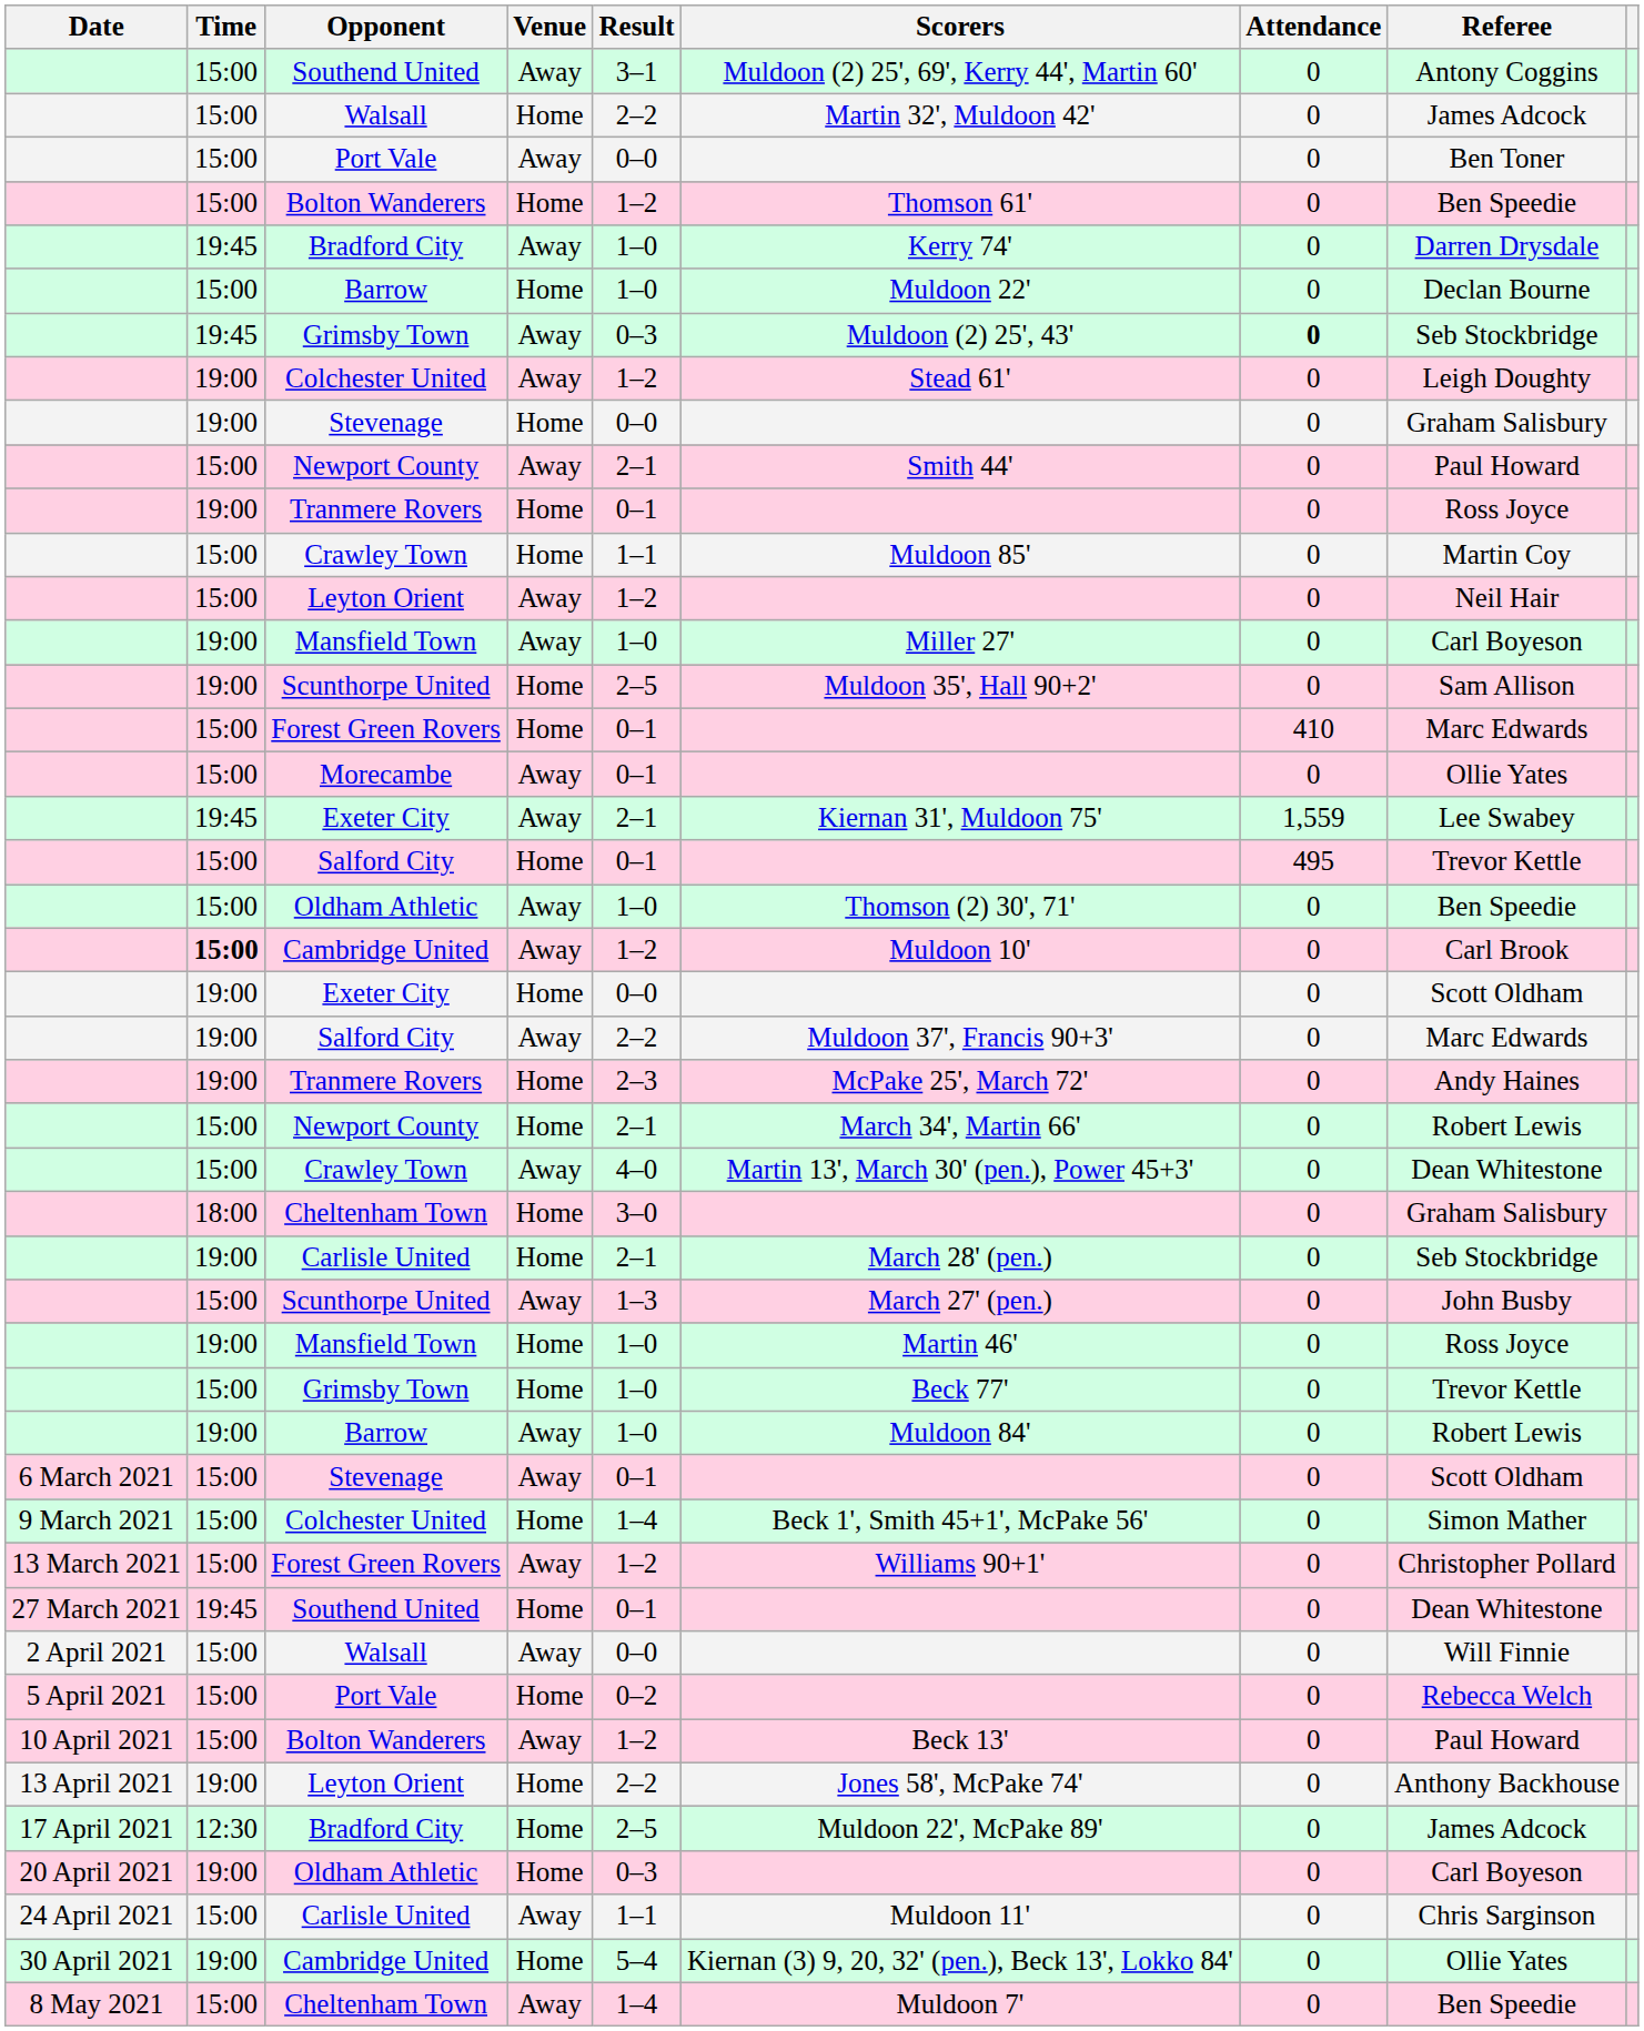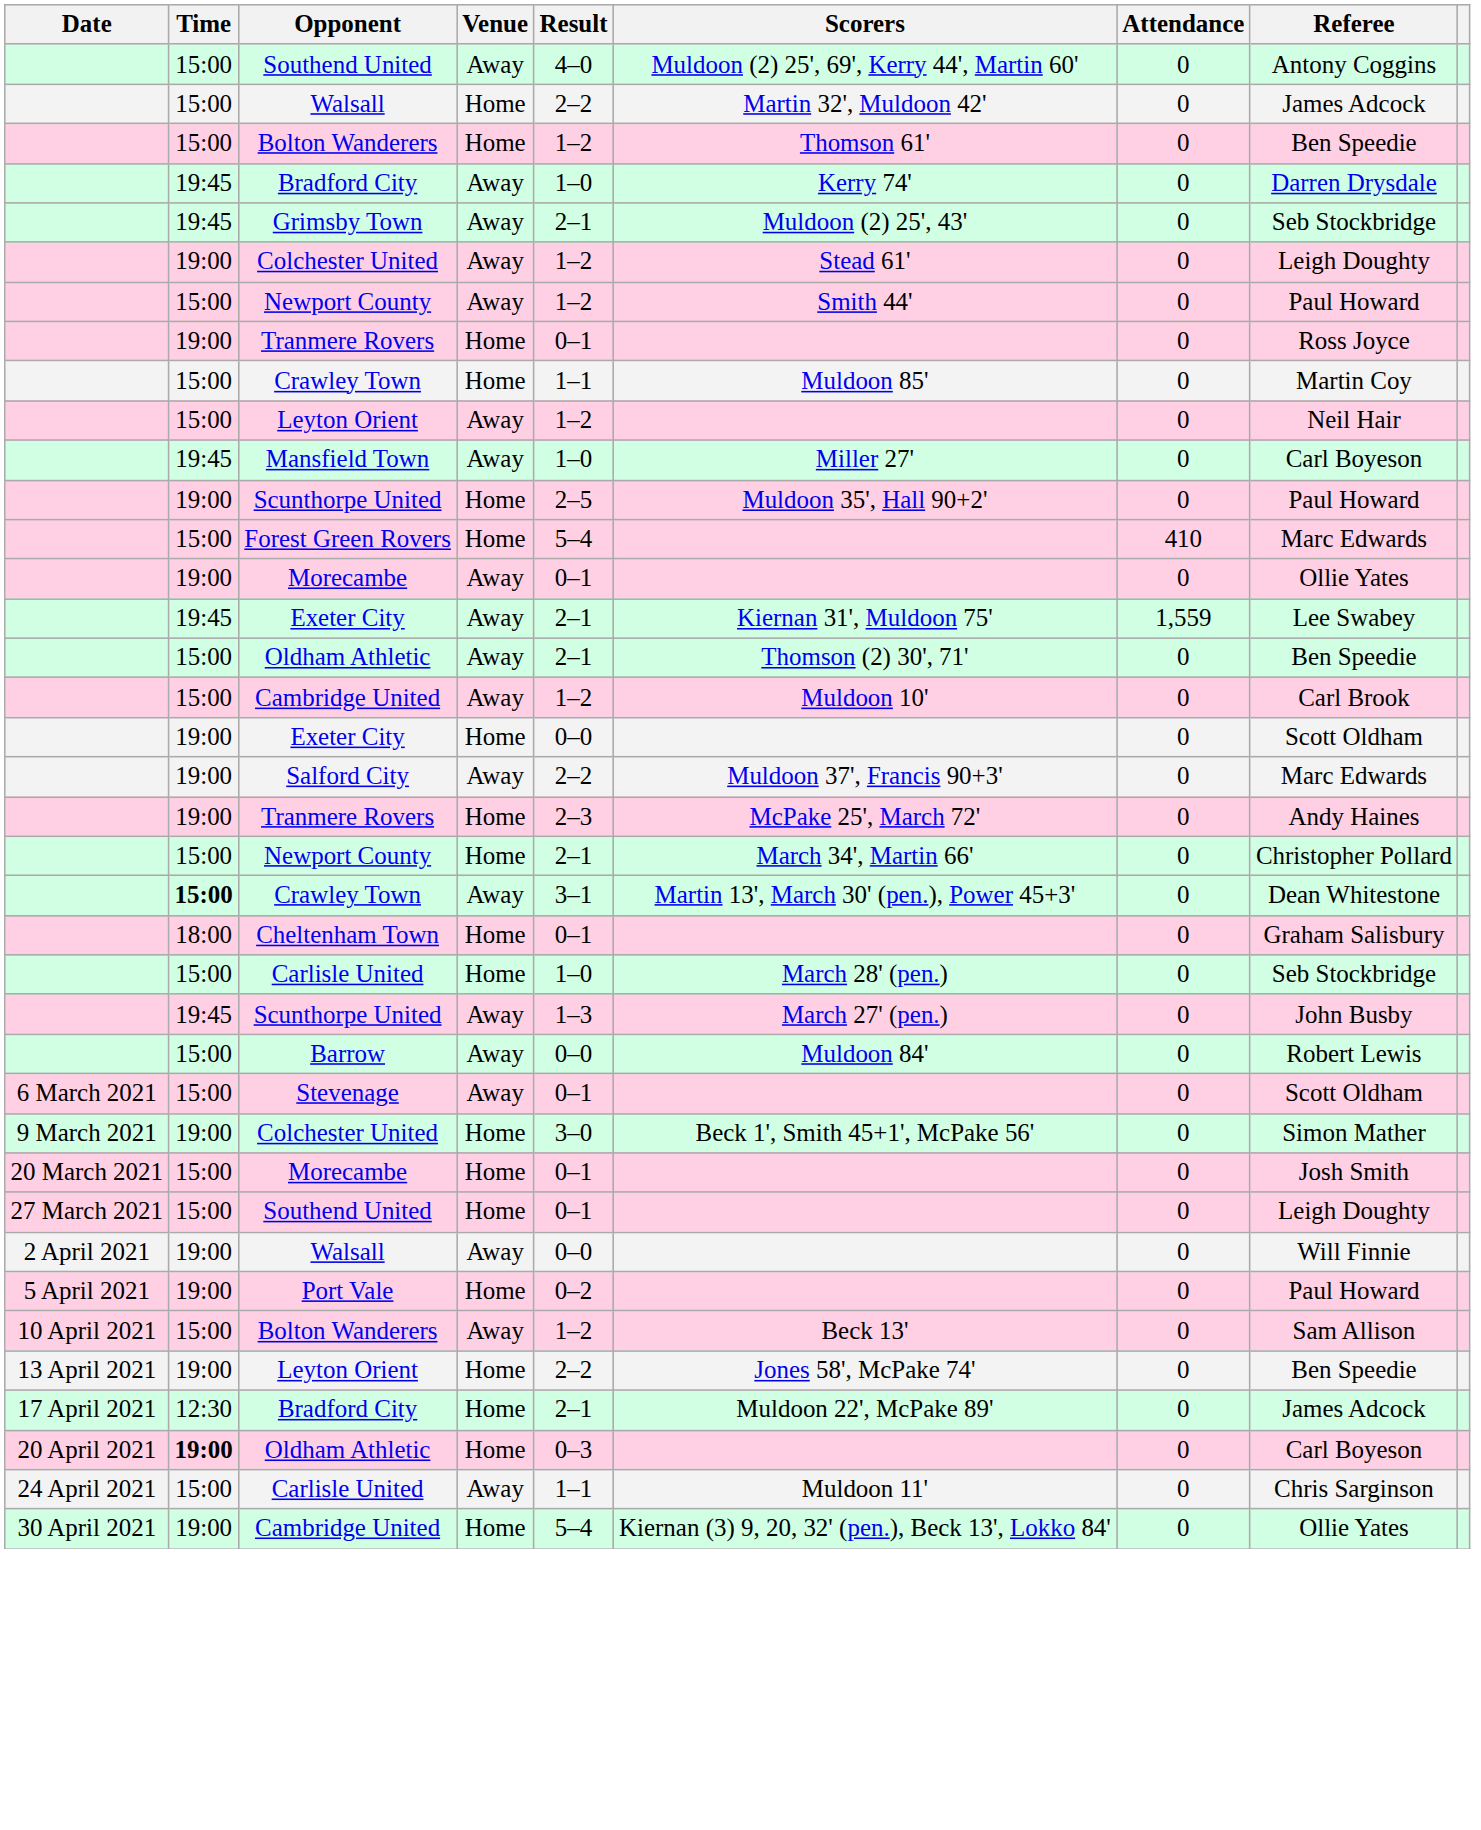 <table class="wikitable sortable" style="text-align:center">
 <tr>
 <th>Date</th>
 <th>Time</th>
 <th>Opponent</th>
 <th>Venue</th>
 <th>Result</th>
 <th class="unsortable">Scorers</th>
 <th>Attendance</th>
 <th class="unsortable">Referee</th>
 <th class="unsortable"></th>
 </tr>
 <tr bgcolor="#d0ffe3">
 <td></td>
 <td>15:00</td>
 <td><a href='#'>Southend United</a></td>
 <td>Away</td>
-<td>3–1</td>
+<td>4–0</td>
 <td><a href='#'>Muldoon</a> (2) 25', 69', <a href='#'>Kerry</a> 44', <a href='#'>Martin</a> 60'</td>
 <td>0</td>
 <td>Antony Coggins</td>
 <td></td>
 </tr>
 <tr bgcolor="#f3f3f3">
 <td></td>
 <td>15:00</td>
 <td><a href='#'>Walsall</a></td>
 <td>Home</td>
 <td>2–2</td>
 <td><a href='#'>Martin</a> 32', <a href='#'>Muldoon</a> 42'</td>
 <td>0</td>
 <td>James Adcock</td>
-<td></td>
-</tr>
-<tr bgcolor="#f3f3f3">
-<td></td>
-<td>15:00</td>
-<td><a href='#'>Port Vale</a></td>
-<td>Away</td>
-<td>0–0</td>
-<td></td>
-<td>0</td>
-<td>Ben Toner</td>
 <td></td>
 </tr>
 <tr bgcolor="#ffd0e3">
 <td></td>
 <td>15:00</td>
 <td><a href='#'>Bolton Wanderers</a></td>
 <td>Home</td>
 <td>1–2</td>
 <td><a href='#'>Thomson</a> 61'</td>
 <td>0</td>
 <td>Ben Speedie</td>
 <td></td>
 </tr>
 <tr bgcolor="#d0ffe3">
 <td></td>
 <td>19:45</td>
 <td><a href='#'>Bradford City</a></td>
 <td>Away</td>
 <td>1–0</td>
 <td><a href='#'>Kerry</a> 74'</td>
 <td>0</td>
 <td><a href='#'>Darren Drysdale</a></td>
 <td></td>
 </tr>
 <tr bgcolor="#d0ffe3">
 <td></td>
-<td>15:00</td>
-<td><a href='#'>Barrow</a></td>
-<td>Home</td>
-<td>1–0</td>
-<td><a href='#'>Muldoon</a> 22'</td>
-<td>0</td>
-<td>Declan Bourne</td>
-<td></td>
-</tr>
-<tr bgcolor="#d0ffe3">
-<td></td>
 <td>19:45</td>
 <td><a href='#'>Grimsby Town</a></td>
 <td>Away</td>
-<td>0–3</td>
+<td>2–1</td>
 <td><a href='#'>Muldoon</a> (2) 25', 43'</td>
-<td><strong>0</strong></td>
+<td>0</td>
 <td>Seb Stockbridge</td>
 <td></td>
 </tr>
 <tr bgcolor="#ffd0e3">
 <td></td>
 <td>19:00</td>
 <td><a href='#'>Colchester United</a></td>
 <td>Away</td>
 <td>1–2</td>
 <td><a href='#'>Stead</a> 61'</td>
 <td>0</td>
 <td>Leigh Doughty</td>
 <td></td>
 </tr>
-<tr bgcolor="#f3f3f3">
-<td></td>
-<td>19:00</td>
-<td><a href='#'>Stevenage</a></td>
-<td>Home</td>
-<td>0–0</td>
-<td></td>
-<td>0</td>
-<td>Graham Salisbury</td>
-<td></td>
-</tr>
 <tr bgcolor="#ffd0e3">
 <td></td>
 <td>15:00</td>
 <td><a href='#'>Newport County</a></td>
 <td>Away</td>
-<td>2–1</td>
+<td>1–2</td>
 <td><a href='#'>Smith</a> 44'</td>
 <td>0</td>
 <td>Paul Howard</td>
 <td></td>
 </tr>
 <tr bgcolor="#ffd0e3">
 <td></td>
 <td>19:00</td>
 <td><a href='#'>Tranmere Rovers</a></td>
 <td>Home</td>
 <td>0–1</td>
 <td></td>
 <td>0</td>
 <td>Ross Joyce</td>
 <td></td>
 </tr>
 <tr bgcolor="#f3f3f3">
 <td></td>
 <td>15:00</td>
 <td><a href='#'>Crawley Town</a></td>
 <td>Home</td>
 <td>1–1</td>
 <td><a href='#'>Muldoon</a> 85'</td>
 <td>0</td>
 <td>Martin Coy</td>
 <td></td>
 </tr>
 <tr bgcolor="#ffd0e3">
 <td></td>
 <td>15:00</td>
 <td><a href='#'>Leyton Orient</a></td>
 <td>Away</td>
 <td>1–2</td>
 <td></td>
 <td>0</td>
 <td>Neil Hair</td>
 <td></td>
 </tr>
 <tr bgcolor="#d0ffe3">
 <td></td>
-<td>19:00</td>
+<td>19:45</td>
 <td><a href='#'>Mansfield Town</a></td>
 <td>Away</td>
 <td>1–0</td>
 <td><a href='#'>Miller</a> 27'</td>
 <td>0</td>
 <td>Carl Boyeson</td>
 <td></td>
 </tr>
 <tr bgcolor="#ffd0e3">
 <td></td>
 <td>19:00</td>
 <td><a href='#'>Scunthorpe United</a></td>
 <td>Home</td>
 <td>2–5</td>
 <td><a href='#'>Muldoon</a> 35', <a href='#'>Hall</a> 90+2'</td>
 <td>0</td>
-<td>Sam Allison</td>
+<td>Paul Howard</td>
 <td></td>
 </tr>
 <tr bgcolor="#ffd0e3">
 <td></td>
 <td>15:00</td>
 <td><a href='#'>Forest Green Rovers</a></td>
 <td>Home</td>
-<td>0–1</td>
+<td>5–4</td>
 <td></td>
 <td>410</td>
 <td>Marc Edwards</td>
 <td></td>
 </tr>
 <tr bgcolor="#ffd0e3">
 <td></td>
-<td>15:00</td>
+<td>19:00</td>
 <td><a href='#'>Morecambe</a></td>
 <td>Away</td>
 <td>0–1</td>
 <td></td>
 <td>0</td>
 <td>Ollie Yates</td>
 <td></td>
 </tr>
 <tr bgcolor="#d0ffe3">
 <td></td>
 <td>19:45</td>
 <td><a href='#'>Exeter City</a></td>
 <td>Away</td>
 <td>2–1</td>
 <td><a href='#'>Kiernan</a> 31', <a href='#'>Muldoon</a> 75'</td>
 <td>1,559</td>
 <td>Lee Swabey</td>
 <td></td>
 </tr>
-<tr bgcolor="#ffd0e3">
-<td></td>
-<td>15:00</td>
-<td><a href='#'>Salford City</a></td>
-<td>Home</td>
-<td>0–1</td>
-<td></td>
-<td>495</td>
-<td>Trevor Kettle</td>
-<td></td>
-</tr>
 <tr bgcolor="#d0ffe3">
 <td></td>
 <td>15:00</td>
 <td><a href='#'>Oldham Athletic</a></td>
 <td>Away</td>
-<td>1–0</td>
+<td>2–1</td>
 <td><a href='#'>Thomson</a> (2) 30', 71'</td>
 <td>0</td>
 <td>Ben Speedie</td>
 <td></td>
 </tr>
 <tr bgcolor="#ffd0e3">
 <td></td>
-<td><strong>15:00</strong></td>
+<td>15:00</td>
 <td><a href='#'>Cambridge United</a></td>
 <td>Away</td>
 <td>1–2</td>
 <td><a href='#'>Muldoon</a> 10'</td>
 <td>0</td>
 <td>Carl Brook</td>
 <td></td>
 </tr>
 <tr bgcolor="#f3f3f3">
 <td></td>
 <td>19:00</td>
 <td><a href='#'>Exeter City</a></td>
 <td>Home</td>
 <td>0–0</td>
 <td></td>
 <td>0</td>
 <td>Scott Oldham</td>
 <td></td>
 </tr>
 <tr bgcolor="#f3f3f3">
 <td></td>
 <td>19:00</td>
 <td><a href='#'>Salford City</a></td>
 <td>Away</td>
 <td>2–2</td>
 <td><a href='#'>Muldoon</a> 37', <a href='#'>Francis</a> 90+3'</td>
 <td>0</td>
 <td>Marc Edwards</td>
 <td></td>
 </tr>
 <tr bgcolor="#ffd0e3">
 <td></td>
 <td>19:00</td>
 <td><a href='#'>Tranmere Rovers</a></td>
 <td>Home</td>
 <td>2–3</td>
 <td><a href='#'>McPake</a> 25', <a href='#'>March</a> 72'</td>
 <td>0</td>
 <td>Andy Haines</td>
 <td></td>
 </tr>
 <tr bgcolor="#d0ffe3">
 <td></td>
 <td>15:00</td>
 <td><a href='#'>Newport County</a></td>
 <td>Home</td>
 <td>2–1</td>
 <td><a href='#'>March</a> 34', <a href='#'>Martin</a> 66'</td>
 <td>0</td>
-<td>Robert Lewis</td>
+<td>Christopher Pollard</td>
 <td></td>
 </tr>
 <tr bgcolor="#d0ffe3">
 <td></td>
-<td>15:00</td>
+<td><strong>15:00</strong></td>
 <td><a href='#'>Crawley Town</a></td>
 <td>Away</td>
-<td>4–0</td>
+<td>3–1</td>
 <td><a href='#'>Martin</a> 13', <a href='#'>March</a> 30' (<a href='#'>pen.</a>), <a href='#'>Power</a> 45+3'</td>
 <td>0</td>
 <td>Dean Whitestone</td>
 <td></td>
 </tr>
 <tr bgcolor="#ffd0e3">
 <td></td>
 <td>18:00</td>
 <td><a href='#'>Cheltenham Town</a></td>
 <td>Home</td>
-<td>3–0</td>
+<td>0–1</td>
 <td></td>
 <td>0</td>
 <td>Graham Salisbury</td>
 <td></td>
 </tr>
 <tr bgcolor="#d0ffe3">
 <td></td>
-<td>19:00</td>
+<td>15:00</td>
 <td><a href='#'>Carlisle United</a></td>
 <td>Home</td>
-<td>2–1</td>
+<td>1–0</td>
 <td><a href='#'>March</a> 28' (<a href='#'>pen.</a>)</td>
 <td>0</td>
 <td>Seb Stockbridge</td>
 <td></td>
 </tr>
 <tr bgcolor="#ffd0e3">
 <td></td>
-<td>15:00</td>
+<td>19:45</td>
 <td><a href='#'>Scunthorpe United</a></td>
 <td>Away</td>
 <td>1–3</td>
 <td><a href='#'>March</a> 27' (<a href='#'>pen.</a>)</td>
 <td>0</td>
 <td>John Busby</td>
 <td></td>
 </tr>
 <tr bgcolor="#d0ffe3">
 <td></td>
-<td>19:00</td>
-<td><a href='#'>Mansfield Town</a></td>
-<td>Home</td>
-<td>1–0</td>
-<td><a href='#'>Martin</a> 46'</td>
-<td>0</td>
-<td>Ross Joyce</td>
-<td></td>
-</tr>
-<tr bgcolor="#d0ffe3">
-<td></td>
 <td>15:00</td>
-<td><a href='#'>Grimsby Town</a></td>
-<td>Home</td>
-<td>1–0</td>
-<td><a href='#'>Beck</a> 77'</td>
-<td>0</td>
-<td>Trevor Kettle</td>
-<td></td>
-</tr>
-<tr bgcolor="#d0ffe3">
-<td></td>
-<td>19:00</td>
 <td><a href='#'>Barrow</a></td>
 <td>Away</td>
-<td>1–0</td>
+<td>0–0</td>
 <td><a href='#'>Muldoon</a> 84'</td>
 <td>0</td>
 <td>Robert Lewis</td>
 <td></td>
 </tr>
 <tr bgcolor="#ffd0e3">
 <td>6 March 2021</td>
 <td>15:00</td>
 <td><a href='#'>Stevenage</a></td>
 <td>Away</td>
 <td>0–1</td>
 <td></td>
 <td>0</td>
 <td>Scott Oldham</td>
 <td></td>
 </tr>
 <tr bgcolor="#d0ffe3">
 <td>9 March 2021</td>
-<td>15:00</td>
+<td>19:00</td>
 <td><a href='#'>Colchester United</a></td>
 <td>Home</td>
-<td>1–4</td>
+<td>3–0</td>
 <td>Beck 1', Smith 45+1', McPake 56'</td>
 <td>0</td>
 <td>Simon Mather</td>
 <td></td>
 </tr>
 <tr bgcolor="#ffd0e3">
-<td>13 March 2021</td>
+<td>20 March 2021</td>
 <td>15:00</td>
-<td><a href='#'>Forest Green Rovers</a></td>
-<td>Away</td>
-<td>1–2</td>
-<td><a href='#'>Williams</a> 90+1'</td>
+<td><a href='#'>Morecambe</a></td>
+<td>Home</td>
+<td>0–1</td>
+<td></td>
 <td>0</td>
-<td>Christopher Pollard</td>
+<td>Josh Smith</td>
 <td></td>
 </tr>
 <tr bgcolor="#ffd0e3">
 <td>27 March 2021</td>
-<td>19:45</td>
+<td>15:00</td>
 <td><a href='#'>Southend United</a></td>
 <td>Home</td>
 <td>0–1</td>
 <td></td>
 <td>0</td>
-<td>Dean Whitestone</td>
+<td>Leigh Doughty</td>
 <td></td>
 </tr>
 <tr bgcolor="#f3f3f3">
 <td>2 April 2021</td>
-<td>15:00</td>
+<td>19:00</td>
 <td><a href='#'>Walsall</a></td>
 <td>Away</td>
 <td>0–0</td>
 <td></td>
 <td>0</td>
 <td>Will Finnie</td>
 <td></td>
 </tr>
 <tr bgcolor="#ffd0e3">
 <td>5 April 2021</td>
-<td>15:00</td>
+<td>19:00</td>
 <td><a href='#'>Port Vale</a></td>
 <td>Home</td>
 <td>0–2</td>
 <td></td>
 <td>0</td>
-<td><a href='#'>Rebecca Welch</a></td>
+<td>Paul Howard</td>
 <td></td>
 </tr>
 <tr bgcolor="#ffd0e3">
 <td>10 April 2021</td>
 <td>15:00</td>
 <td><a href='#'>Bolton Wanderers</a></td>
 <td>Away</td>
 <td>1–2</td>
 <td>Beck 13'</td>
 <td>0</td>
-<td>Paul Howard</td>
+<td>Sam Allison</td>
 <td></td>
 </tr>
 <tr bgcolor="#f3f3f3">
 <td>13 April 2021</td>
 <td>19:00</td>
 <td><a href='#'>Leyton Orient</a></td>
 <td>Home</td>
 <td>2–2</td>
 <td><a href='#'>Jones</a> 58', McPake 74'</td>
 <td>0</td>
-<td>Anthony Backhouse</td>
+<td>Ben Speedie</td>
 <td></td>
 </tr>
 <tr bgcolor="#d0ffe3">
 <td>17 April 2021</td>
 <td>12:30</td>
 <td><a href='#'>Bradford City</a></td>
 <td>Home</td>
-<td>2–5</td>
+<td>2–1</td>
 <td>Muldoon 22', McPake 89'</td>
 <td>0</td>
 <td>James Adcock</td>
 <td></td>
 </tr>
 <tr bgcolor="#ffd0e3">
 <td>20 April 2021</td>
-<td>19:00</td>
+<td><strong>19:00</strong></td>
 <td><a href='#'>Oldham Athletic</a></td>
 <td>Home</td>
 <td>0–3</td>
 <td></td>
 <td>0</td>
 <td>Carl Boyeson</td>
 <td></td>
 </tr>
 <tr bgcolor="#f3f3f3">
 <td>24 April 2021</td>
 <td>15:00</td>
 <td><a href='#'>Carlisle United</a></td>
 <td>Away</td>
 <td>1–1</td>
 <td>Muldoon 11'</td>
 <td>0</td>
 <td>Chris Sarginson</td>
 <td></td>
 </tr>
 <tr bgcolor="#d0ffe3">
 <td>30 April 2021</td>
 <td>19:00</td>
 <td><a href='#'>Cambridge United</a></td>
 <td>Home</td>
 <td>5–4</td>
 <td>Kiernan (3) 9, 20, 32' (<a href='#'>pen.</a>), Beck 13', <a href='#'>Lokko</a> 84'</td>
 <td>0</td>
 <td>Ollie Yates</td>
 <td></td>
 </tr>
-<tr bgcolor="#ffd0e3">
-<td>8 May 2021</td>
-<td>15:00</td>
-<td><a href='#'>Cheltenham Town</a></td>
-<td>Away</td>
-<td>1–4</td>
-<td>Muldoon 7'</td>
-<td>0</td>
-<td>Ben Speedie</td>
-<td></td>
-</tr>
 </table>
